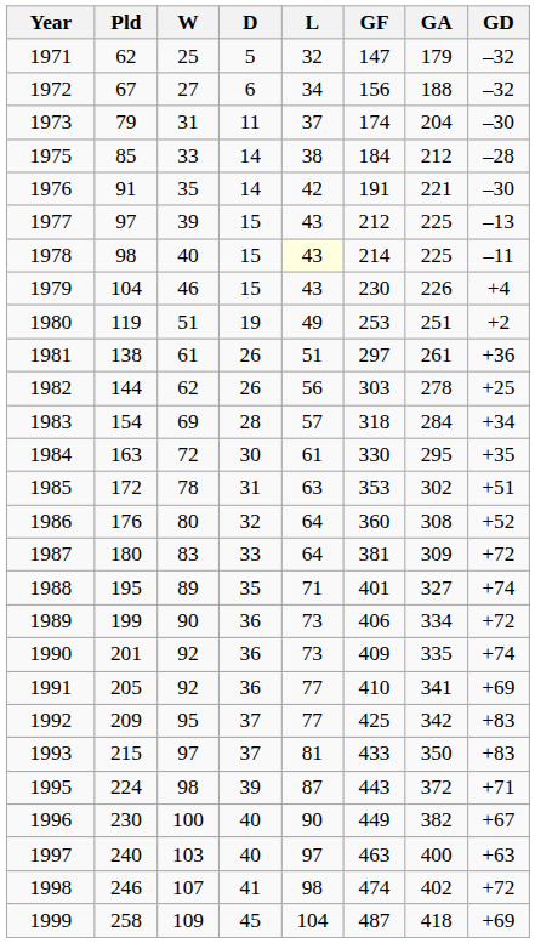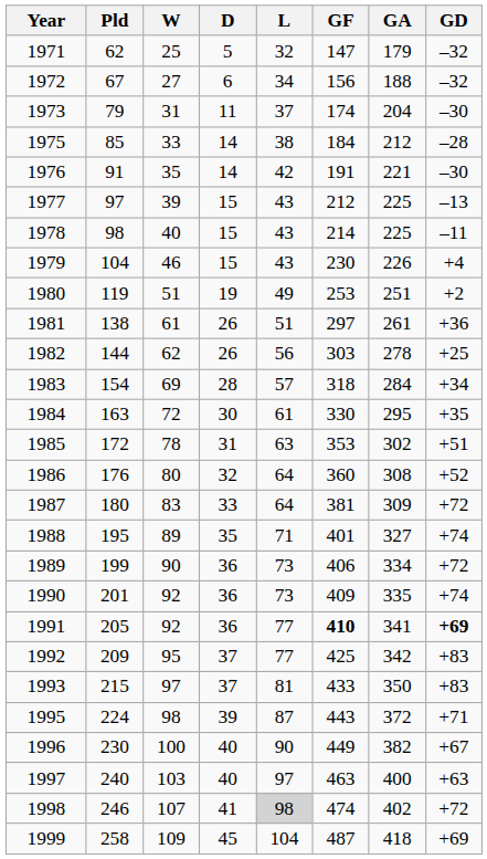 <table class="wikitable" style="float:left; margin-left:12px; text-align: center;">
 <tr>
 <th width=60>Year</th>
 <th width=40>Pld</th>
 <th width=40>W</th>
 <th width=40>D</th>
 <th width=40>L</th>
 <th width=40>GF</th>
 <th width=40>GA</th>
 <th width=40>GD</th>
 </tr>
 <tr>
 <td>1971</td>
 <td>62</td>
 <td>25</td>
 <td>5</td>
 <td>32</td>
 <td>147</td>
 <td>179</td>
 <td>–32</td>
 </tr>
 <tr>
 <td>1972</td>
 <td>67</td>
 <td>27</td>
 <td>6</td>
 <td>34</td>
 <td>156</td>
 <td>188</td>
 <td>–32</td>
 </tr>
 <tr>
 <td>1973</td>
 <td>79</td>
 <td>31</td>
 <td>11</td>
 <td>37</td>
 <td>174</td>
 <td>204</td>
 <td>–30</td>
 </tr>
 <tr>
 <td>1975</td>
 <td>85</td>
 <td>33</td>
 <td>14</td>
 <td>38</td>
 <td>184</td>
 <td>212</td>
 <td>–28</td>
 </tr>
 <tr>
 <td>1976</td>
 <td>91</td>
 <td>35</td>
 <td>14</td>
 <td>42</td>
 <td>191</td>
 <td>221</td>
 <td>–30</td>
 </tr>
 <tr>
 <td>1977</td>
 <td>97</td>
 <td>39</td>
 <td>15</td>
 <td>43</td>
 <td>212</td>
 <td>225</td>
 <td>–13</td>
 </tr>
 <tr>
 <td>1978</td>
 <td>98</td>
 <td>40</td>
 <td>15</td>
-<td style="background: lightyellow;">43</td>
+<td>43</td>
 <td>214</td>
 <td>225</td>
 <td>–11</td>
 </tr>
 <tr>
 <td>1979</td>
 <td>104</td>
 <td>46</td>
 <td>15</td>
 <td>43</td>
 <td>230</td>
 <td>226</td>
 <td>+4</td>
 </tr>
 <tr>
 <td>1980</td>
 <td>119</td>
 <td>51</td>
 <td>19</td>
 <td>49</td>
 <td>253</td>
 <td>251</td>
 <td>+2</td>
 </tr>
 <tr>
 <td>1981</td>
 <td>138</td>
 <td>61</td>
 <td>26</td>
 <td>51</td>
 <td>297</td>
 <td>261</td>
 <td>+36</td>
 </tr>
 <tr>
 <td>1982</td>
 <td>144</td>
 <td>62</td>
 <td>26</td>
 <td>56</td>
 <td>303</td>
 <td>278</td>
 <td>+25</td>
 </tr>
 <tr>
 <td>1983</td>
 <td>154</td>
 <td>69</td>
 <td>28</td>
 <td>57</td>
 <td>318</td>
 <td>284</td>
 <td>+34</td>
 </tr>
 <tr>
 <td>1984</td>
 <td>163</td>
 <td>72</td>
 <td>30</td>
 <td>61</td>
 <td>330</td>
 <td>295</td>
 <td>+35</td>
 </tr>
 <tr>
 <td>1985</td>
 <td>172</td>
 <td>78</td>
 <td>31</td>
 <td>63</td>
 <td>353</td>
 <td>302</td>
 <td>+51</td>
 </tr>
 <tr>
 <td>1986</td>
 <td>176</td>
 <td>80</td>
 <td>32</td>
 <td>64</td>
 <td>360</td>
 <td>308</td>
 <td>+52</td>
 </tr>
 <tr>
 <td>1987</td>
 <td>180</td>
 <td>83</td>
 <td>33</td>
 <td>64</td>
 <td>381</td>
 <td>309</td>
 <td>+72</td>
 </tr>
 <tr>
 <td>1988</td>
 <td>195</td>
 <td>89</td>
 <td>35</td>
 <td>71</td>
 <td>401</td>
 <td>327</td>
 <td>+74</td>
 </tr>
 <tr>
 <td>1989</td>
 <td>199</td>
 <td>90</td>
 <td>36</td>
 <td>73</td>
 <td>406</td>
 <td>334</td>
 <td>+72</td>
 </tr>
 <tr>
 <td>1990</td>
 <td>201</td>
 <td>92</td>
 <td>36</td>
 <td>73</td>
 <td>409</td>
 <td>335</td>
 <td>+74</td>
 </tr>
 <tr>
 <td>1991</td>
 <td>205</td>
 <td>92</td>
 <td>36</td>
 <td>77</td>
-<td>410</td>
+<td><strong>410</strong></td>
 <td>341</td>
-<td>+69</td>
+<td><strong>+69</strong></td>
 </tr>
 <tr>
 <td>1992</td>
 <td>209</td>
 <td>95</td>
 <td>37</td>
 <td>77</td>
 <td>425</td>
 <td>342</td>
 <td>+83</td>
 </tr>
 <tr>
 <td>1993</td>
 <td>215</td>
 <td>97</td>
 <td>37</td>
 <td>81</td>
 <td>433</td>
 <td>350</td>
 <td>+83</td>
 </tr>
 <tr>
 <td>1995</td>
 <td>224</td>
 <td>98</td>
 <td>39</td>
 <td>87</td>
 <td>443</td>
 <td>372</td>
 <td>+71</td>
 </tr>
 <tr>
 <td>1996</td>
 <td>230</td>
 <td>100</td>
 <td>40</td>
 <td>90</td>
 <td>449</td>
 <td>382</td>
 <td>+67</td>
 </tr>
 <tr>
 <td>1997</td>
 <td>240</td>
 <td>103</td>
 <td>40</td>
 <td>97</td>
 <td>463</td>
 <td>400</td>
 <td>+63</td>
 </tr>
 <tr>
 <td>1998</td>
 <td>246</td>
 <td>107</td>
 <td>41</td>
-<td>98</td>
+<td style="background: lightgrey;">98</td>
 <td>474</td>
 <td>402</td>
 <td>+72</td>
 </tr>
 <tr>
 <td>1999</td>
 <td>258</td>
 <td>109</td>
 <td>45</td>
 <td>104</td>
 <td>487</td>
 <td>418</td>
 <td>+69</td>
 </tr>
 <tr>
 </tr>
 </table>
